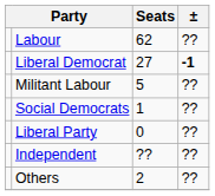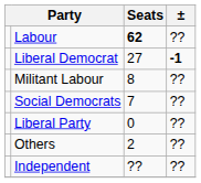 <table class="wikitable">
 <tr>
 <th colspan="2">Party</th>
 <th>Seats</th>
 <th>  ±  </th>
 </tr>
 <tr>
 <td style="background-color: "></td>
 <td><a href='#'>Labour</a></td>
-<td>62</td>
+<td><strong>62</strong></td>
 <td>??</td>
 </tr>
 <tr>
 <td style="background-color: "></td>
 <td><a href='#'>Liberal Democrat</a></td>
 <td>27</td>
 <td><strong>-1</strong></td>
 </tr>
 <tr>
 <td style="background-color: "></td>
 <td>Militant Labour</td>
-<td>5</td>
+<td>8</td>
 <td>??</td>
 </tr>
 <tr>
 <td style="background-color: "></td>
 <td><a href='#'>Social Democrats</a></td>
-<td>1</td>
+<td>7</td>
 <td>??</td>
 </tr>
 <tr>
 <td style="background-color: "></td>
 <td><a href='#'>Liberal Party</a></td>
 <td>0</td>
 <td>??</td>
 </tr>
 <tr>
 <td style="background-color: "></td>
+<td>Others</td>
+<td>2</td>
+<td>??</td>
+</tr>
+<tr>
+<td style="background-color: "></td>
 <td><a href='#'>Independent</a></td>
 <td>??</td>
 <td>??</td>
 </tr>
 <tr>
-<td style="background-color: "></td>
-<td>Others</td>
-<td>2</td>
-<td>??</td>
-</tr>
-<tr>
 </tr>
 </table>
